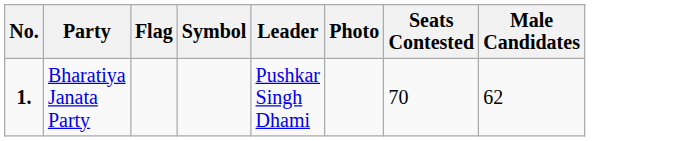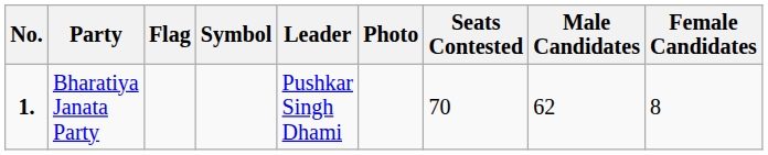 <table class="wikitable"  " width="50%">
 <tr>
 <th>No.</th>
 <th>Party</th>
 <th>Flag</th>
 <th>Symbol</th>
 <th>Leader</th>
 <th>Photo</th>
 <th>Seats Contested</th>
 <th>Male Candidates</th>
+<th>Female Candidates</th>
 </tr>
 <tr>
 <td ! style="text-align:center; background:"><strong>1.</strong></td>
 <td><a href='#'>Bharatiya Janata Party</a></td>
 <td></td>
 <td></td>
 <td><a href='#'>Pushkar Singh Dhami</a></td>
 <td></td>
 <td>70</td>
 <td>62</td>
+<td>8</td>
 </tr>
 </table>
